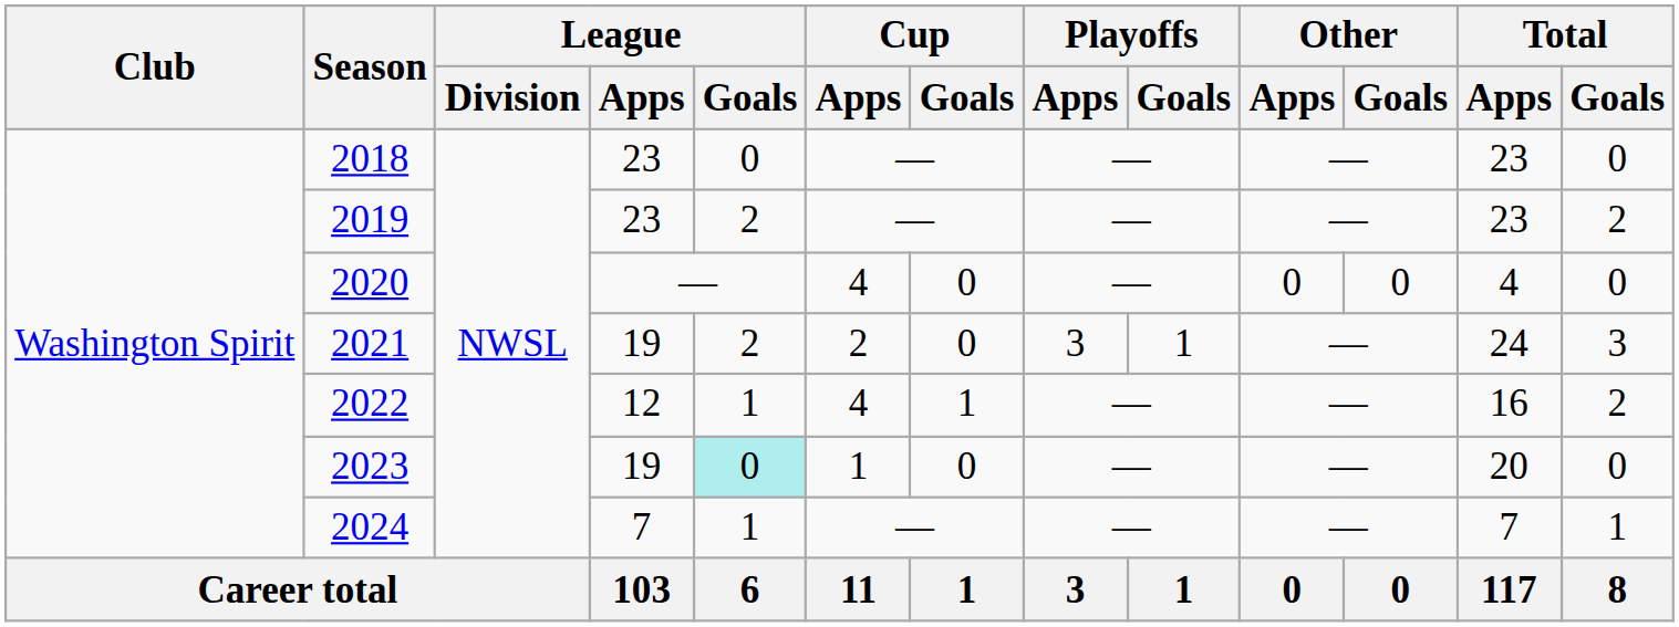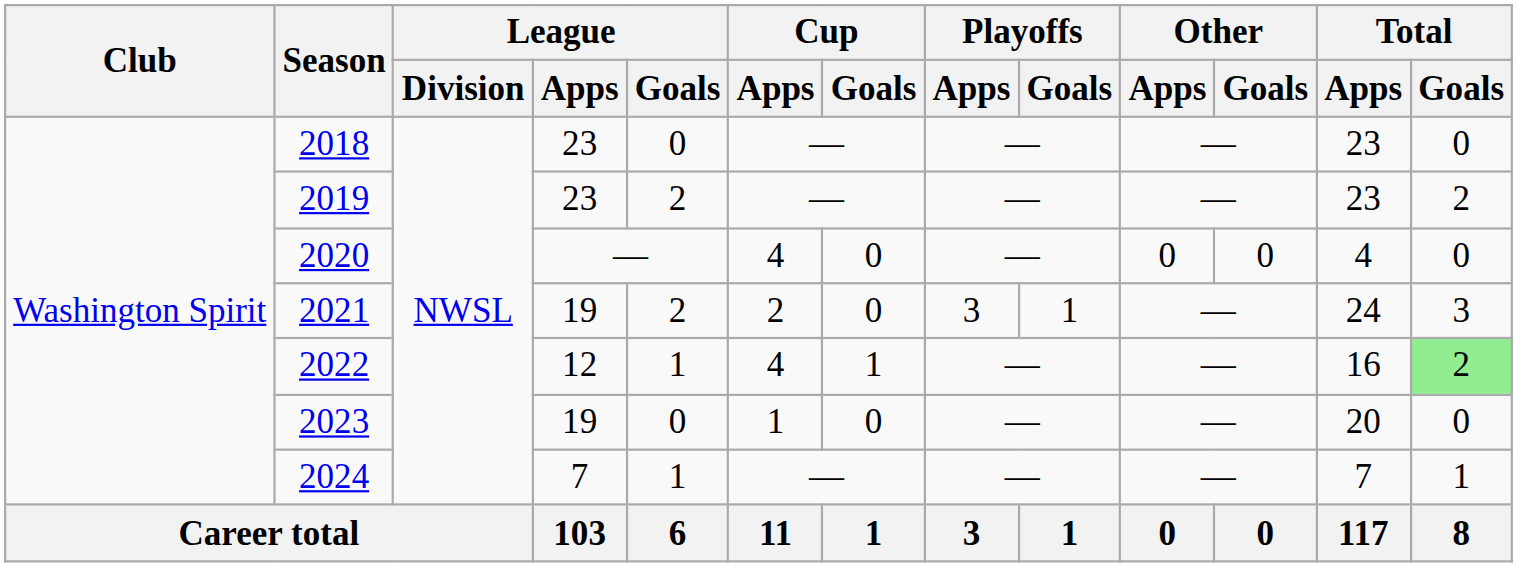 <table class="wikitable" style="text-align: center;">
 <tr>
 <th rowspan="2">Club</th>
 <th rowspan="2">Season</th>
 <th colspan="3">League</th>
 <th colspan="2">Cup</th>
 <th colspan="2">Playoffs</th>
 <th colspan="2">Other</th>
 <th colspan="2">Total</th>
 </tr>
 <tr>
 <th>Division</th>
 <th>Apps</th>
 <th>Goals</th>
 <th>Apps</th>
 <th>Goals</th>
 <th>Apps</th>
 <th>Goals</th>
 <th>Apps</th>
 <th>Goals</th>
 <th>Apps</th>
 <th>Goals</th>
 </tr>
 <tr>
 <td rowspan="7"><a href='#'>Washington Spirit</a></td>
 <td><a href='#'>2018</a></td>
 <td rowspan="7"><a href='#'>NWSL</a></td>
 <td>23</td>
 <td>0</td>
 <td colspan="2">—</td>
 <td colspan="2">—</td>
 <td colspan="2">—</td>
 <td>23</td>
 <td>0</td>
 </tr>
 <tr>
 <td><a href='#'>2019</a></td>
 <td>23</td>
 <td>2</td>
 <td colspan="2">—</td>
 <td colspan="2">—</td>
 <td colspan="2">—</td>
 <td>23</td>
 <td>2</td>
 </tr>
 <tr>
 <td><a href='#'>2020</a></td>
 <td colspan="2">—</td>
 <td>4</td>
 <td>0</td>
 <td colspan="2">—</td>
 <td>0</td>
 <td>0</td>
 <td>4</td>
 <td>0</td>
 </tr>
 <tr>
 <td><a href='#'>2021</a></td>
 <td>19</td>
 <td>2</td>
 <td>2</td>
 <td>0</td>
 <td>3</td>
 <td>1</td>
 <td colspan="2">—</td>
 <td>24</td>
 <td>3</td>
 </tr>
 <tr>
 <td><a href='#'>2022</a></td>
 <td>12</td>
 <td>1</td>
 <td>4</td>
 <td>1</td>
 <td colspan="2">—</td>
 <td colspan="2">—</td>
 <td>16</td>
-<td>2</td>
+<td style="background: lightgreen;">2</td>
 </tr>
 <tr>
 <td><a href='#'>2023</a></td>
 <td>19</td>
-<td style="background: paleturquoise;">0</td>
+<td>0</td>
 <td>1</td>
 <td>0</td>
 <td colspan="2">—</td>
 <td colspan="2">—</td>
 <td>20</td>
 <td>0</td>
 </tr>
 <tr>
 <td><a href='#'>2024</a></td>
 <td>7</td>
 <td>1</td>
 <td colspan="2">—</td>
 <td colspan="2">—</td>
 <td colspan="2">—</td>
 <td>7</td>
 <td>1</td>
 </tr>
 <tr>
 <th colspan="3">Career total</th>
 <th>103</th>
 <th>6</th>
 <th>11</th>
 <th>1</th>
 <th>3</th>
 <th>1</th>
 <th>0</th>
 <th>0</th>
 <th>117</th>
 <th>8</th>
 </tr>
 </table>
